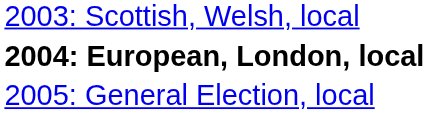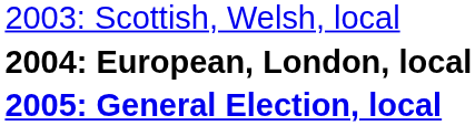 <table id=toc style="float:right">
 <tr>
 <td><a href='#'>2003: Scottish, Welsh, local</a></td>
 </tr>
 <tr>
 <td><strong>2004: European, London, local</strong></td>
 </tr>
 <tr>
-<td><a href='#'>2005: General Election, local</a></td>
+<td><strong><a href='#'>2005: General Election, local</a></strong></td>
 </tr>
 </table>
